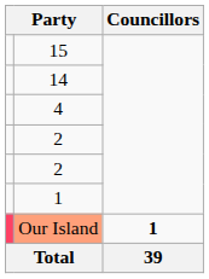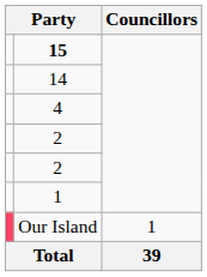 <table class="wikitable">
 <tr>
 <th colspan=2>Party</th>
 <th>Councillors</th>
 </tr>
 <tr>
 <td></td>
-<td align=center>15</td>
+<td align=center><strong>15</strong></td>
 </tr>
 <tr>
 <td></td>
 <td align=center>14</td>
 </tr>
 <tr>
 <td></td>
 <td align=center>4</td>
 </tr>
 <tr>
 <td></td>
 <td align=center>2</td>
 </tr>
 <tr>
 <td></td>
 <td align=center>2</td>
 </tr>
 <tr>
 <td></td>
 <td align=center>1</td>
 </tr>
 <tr>
 <td style="background:#FE4164"></td>
-<td style="background: lightsalmon;">Our Island</td>
-<td align=center><strong>1</strong></td>
+<td>Our Island</td>
+<td align=center>1</td>
 </tr>
 <tr>
 <th colspan=2>Total</th>
 <th>39</th>
 </tr>
 </table>
